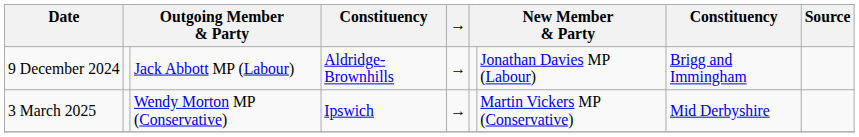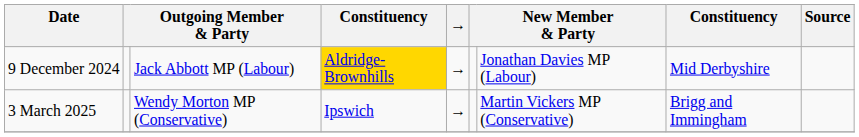 <table class="wikitable">
 <tr>
 <th valign="top">Date</th>
 <th colspan="2" valign="top">Outgoing Member<br>& Party</th>
 <th valign="top">Constituency</th>
 <th>→</th>
 <th colspan="2" valign="top">New Member<br>& Party</th>
 <th valign="top">Constituency</th>
 <th valign="top">Source</th>
 </tr>
 <tr>
 <td nowrap>9 December 2024</td>
 <td style="color:inherit;background:"></td>
 <td><a href='#'>Jack Abbott</a> MP (<a href='#'>Labour</a>)</td>
-<td><a href='#'>Aldridge-Brownhills</a></td>
+<td style="background: gold;"><a href='#'>Aldridge-Brownhills</a></td>
 <td>→</td>
 <td style="color:inherit;background:"></td>
 <td><a href='#'>Jonathan Davies</a> MP (<a href='#'>Labour</a>)</td>
-<td><a href='#'>Brigg and Immingham</a></td>
+<td><a href='#'>Mid Derbyshire</a></td>
 <td></td>
 </tr>
 <tr>
 <td nowrap>3 March 2025</td>
 <td style="color:inherit;background:"></td>
 <td><a href='#'>Wendy Morton</a> MP (<a href='#'>Conservative</a>)</td>
 <td><a href='#'>Ipswich</a></td>
 <td>→</td>
 <td style="color:inherit;background:"></td>
 <td><a href='#'>Martin Vickers</a> MP (<a href='#'>Conservative</a>)</td>
-<td><a href='#'>Mid Derbyshire</a></td>
+<td><a href='#'>Brigg and Immingham</a></td>
 <td></td>
 </tr>
 <tr>
 </tr>
 </table>
